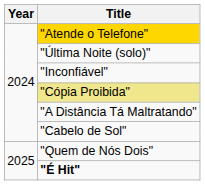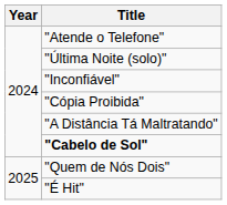 <table class="wikitable">
 <tr>
 <th>Year</th>
 <th>Title</th>
 </tr>
 <tr>
 <td rowspan="6">2024</td>
-<td style="background: gold;">"Atende o Telefone" </td>
+<td>"Atende o Telefone" </td>
 </tr>
 <tr>
 <td>"Última Noite (solo)"</td>
 </tr>
 <tr>
 <td>"Inconfiável"</td>
 </tr>
 <tr>
-<td style="background: khaki;">"Cópia Proibida"</td>
+<td>"Cópia Proibida"</td>
 </tr>
 <tr>
 <td>"A Distância Tá Maltratando" </td>
 </tr>
 <tr>
-<td>"Cabelo de Sol" </td>
+<td><strong>"Cabelo de Sol" </strong></td>
 </tr>
 <tr>
 <td rowspan="2">2025</td>
 <td>"Quem de Nós Dois"</td>
 </tr>
 <tr>
-<td><strong>"É Hit" </strong></td>
+<td>"É Hit" </td>
 </tr>
 </table>
